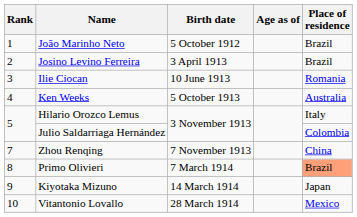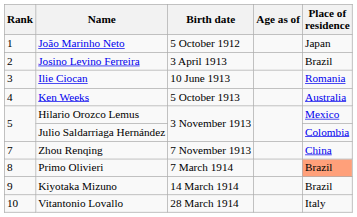 <table class="wikitable sortable">
 <tr>
 <th>Rank</th>
 <th>Name</th>
 <th nowrap>Birth date</th>
 <th nowrap>Age as of <br> </th>
 <th nowrap>Place of <br> residence</th>
 </tr>
 <tr>
 <td>1</td>
 <td data-sort-value="Marinho"><a href='#'>João Marinho Neto</a></td>
 <td>5 October 1912</td>
 <td></td>
-<td>Brazil</td>
+<td>Japan</td>
 </tr>
 <tr>
 <td>2</td>
 <td data-sort-value="Levino"><a href='#'>Josino Levino Ferreira</a></td>
 <td>3 April 1913</td>
 <td></td>
 <td>Brazil</td>
 </tr>
 <tr>
 <td>3</td>
 <td data-sort-value="Ciocan"><a href='#'>Ilie Ciocan</a></td>
 <td>10 June 1913</td>
 <td></td>
 <td><a href='#'>Romania</a></td>
 </tr>
 <tr>
 <td>4</td>
 <td data-sort-value="Weeks"><a href='#'>Ken Weeks</a></td>
 <td>5 October 1913</td>
 <td></td>
 <td><a href='#'>Australia</a></td>
 </tr>
 <tr>
 <td rowspan=2>5</td>
 <td data-sort-value="Orozco">Hilario Orozco Lemus</td>
 <td rowspan=2>3 November 1913</td>
 <td rowspan=2></td>
-<td>Italy</td>
+<td><a href='#'>Mexico</a></td>
 </tr>
 <tr 6>
 <td data-sort-value="Saldarriaga">Julio Saldarriaga Hernández</td>
 <td><a href='#'>Colombia</a></td>
 </tr>
 <tr>
 <td>7</td>
 <td data-sort-value="Renqing">Zhou Renqing</td>
 <td>7 November 1913</td>
 <td></td>
 <td><a href='#'>China</a></td>
 </tr>
 <tr>
 <td>8</td>
 <td data-sort-value="Olivieri">Primo Olivieri</td>
 <td>7 March 1914</td>
 <td></td>
 <td style="background: lightsalmon;">Brazil</td>
 </tr>
 <tr>
 <td>9</td>
 <td data-sort-value="Mizuno">Kiyotaka Mizuno</td>
 <td>14 March 1914</td>
 <td></td>
-<td>Japan</td>
+<td>Brazil</td>
 </tr>
 <tr>
 <td>10</td>
 <td data-sort-value="Lovallo">Vitantonio Lovallo</td>
 <td>28 March 1914</td>
 <td></td>
-<td><a href='#'>Mexico</a></td>
+<td>Italy</td>
 </tr>
 </table>
